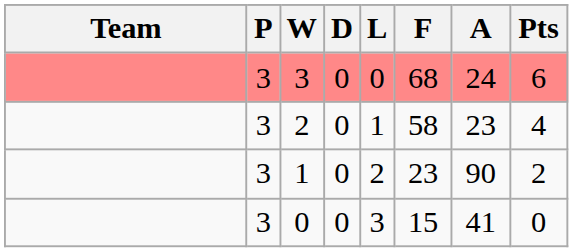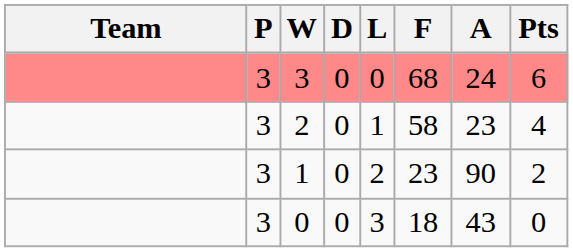 <table class="wikitable" style="text-align:center;">
 <tr>
 <th width="120px">Team</th>
 <th>P</th>
 <th>W</th>
 <th>D</th>
 <th>L</th>
 <th width="23px">F</th>
 <th width="23px">A</th>
 <th width="23px">Pts</th>
 </tr>
 <tr bgcolor="#FF8888">
 <td></td>
 <td>3</td>
 <td>3</td>
 <td>0</td>
 <td>0</td>
 <td>68</td>
 <td>24</td>
 <td>6</td>
 </tr>
 <tr>
 <td></td>
 <td>3</td>
 <td>2</td>
 <td>0</td>
 <td>1</td>
 <td>58</td>
 <td>23</td>
 <td>4</td>
 </tr>
 <tr>
 <td></td>
 <td>3</td>
 <td>1</td>
 <td>0</td>
 <td>2</td>
 <td>23</td>
 <td>90</td>
 <td>2</td>
 </tr>
 <tr>
 <td></td>
 <td>3</td>
 <td>0</td>
 <td>0</td>
 <td>3</td>
-<td>15</td>
-<td>41</td>
+<td>18</td>
+<td>43</td>
 <td>0</td>
 </tr>
 </table>
